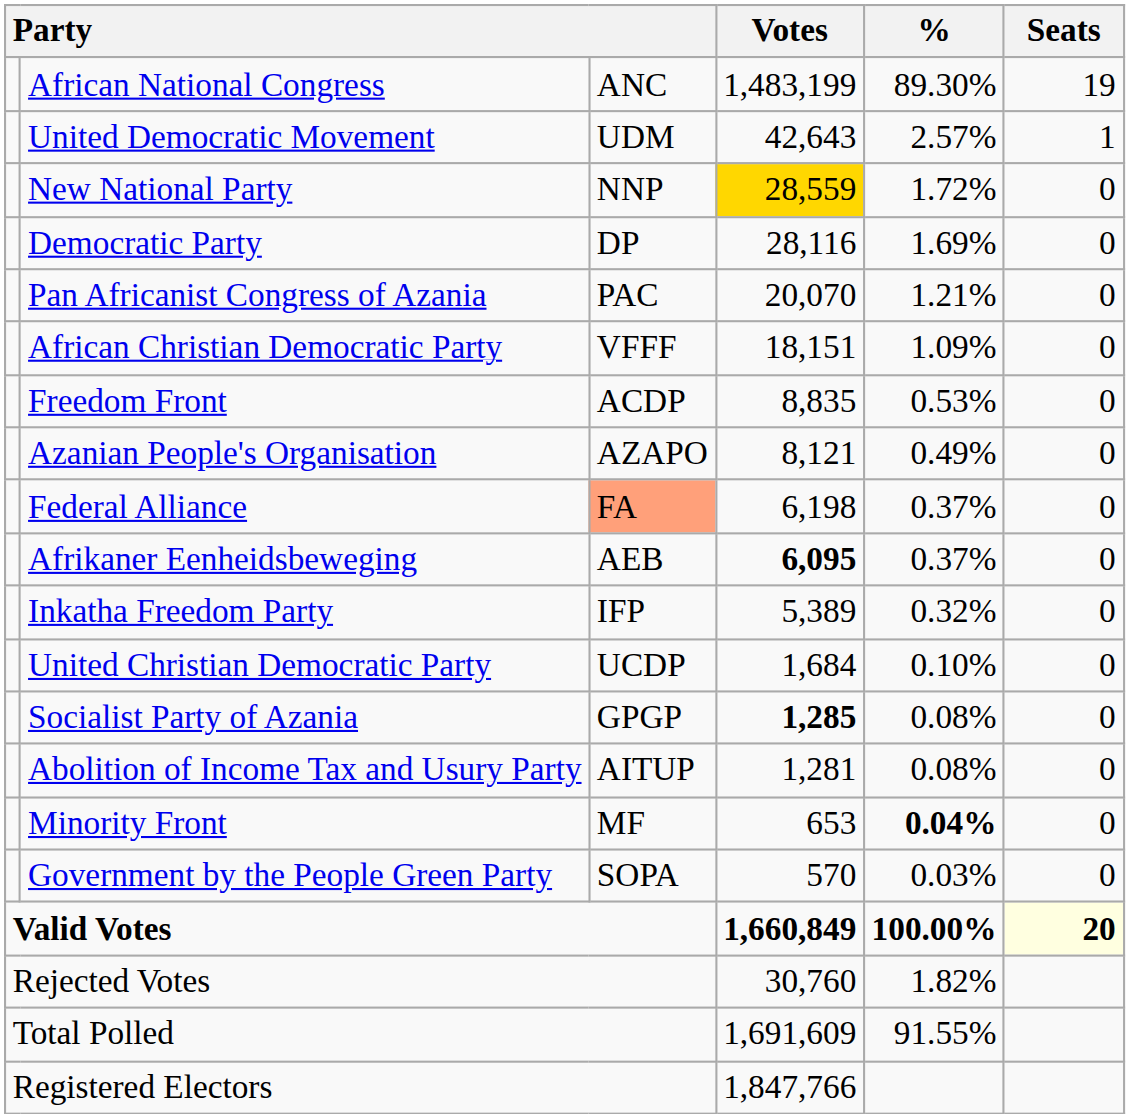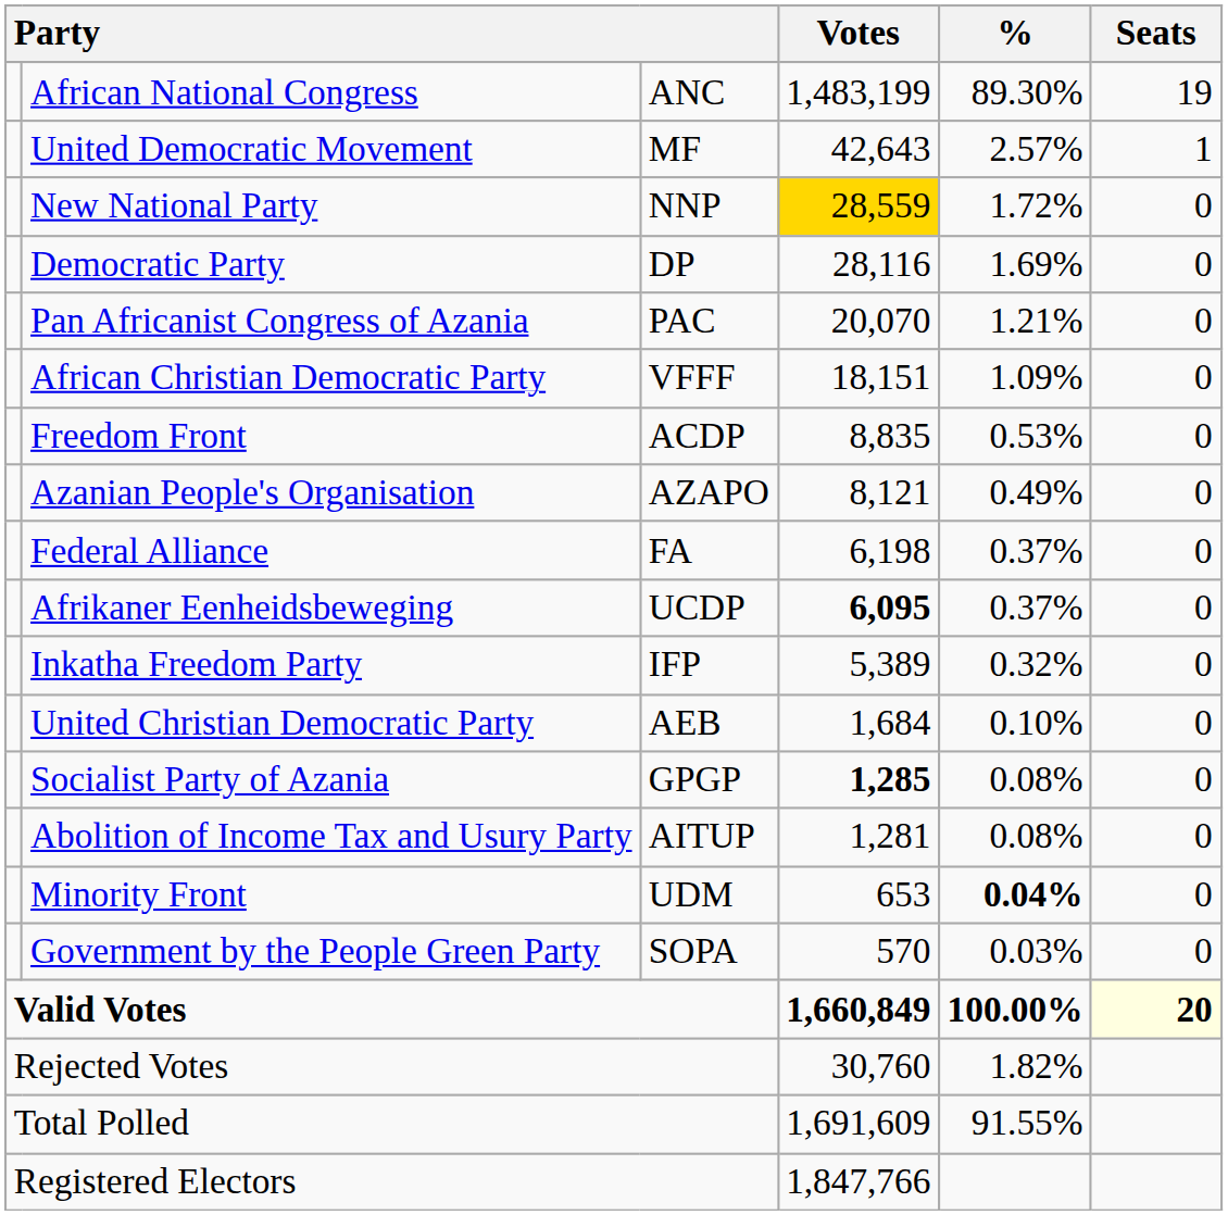 <table class="wikitable" border="1" style="text-align:right;">
 <tr>
 <th style="text-align:left;" colspan=3>Party</th>
 <th align=center width="50">Votes</th>
 <th align=center width="50">%</th>
 <th align=center width="50">Seats</th>
 </tr>
 <tr>
 <td style="background:"></td>
 <td align=left><a href='#'>African National Congress</a></td>
 <td align=left>ANC</td>
 <td>1,483,199</td>
 <td>89.30%</td>
 <td>19</td>
 </tr>
 <tr>
 <td style="background:"></td>
 <td align=left><a href='#'>United Democratic Movement</a></td>
-<td align=left>UDM</td>
+<td align=left>MF</td>
 <td>42,643</td>
 <td>2.57%</td>
 <td>1</td>
 </tr>
 <tr>
 <td style="background:"></td>
 <td align=left><a href='#'>New National Party</a></td>
 <td align=left>NNP</td>
 <td style="background: gold;">28,559</td>
 <td>1.72%</td>
 <td>0</td>
 </tr>
 <tr>
 <td style="background:"></td>
 <td align=left><a href='#'>Democratic Party</a></td>
 <td align=left>DP</td>
 <td>28,116</td>
 <td>1.69%</td>
 <td>0</td>
 </tr>
 <tr>
 <td style="background:"></td>
 <td align=left><a href='#'>Pan Africanist Congress of Azania</a></td>
 <td align=left>PAC</td>
 <td>20,070</td>
 <td>1.21%</td>
 <td>0</td>
 </tr>
 <tr>
 <td style="background:"></td>
 <td align=left><a href='#'>African Christian Democratic Party</a></td>
 <td align=left>VFFF</td>
 <td>18,151</td>
 <td>1.09%</td>
 <td>0</td>
 </tr>
 <tr>
 <td style="background:"></td>
 <td align=left><a href='#'>Freedom Front</a></td>
 <td align=left>ACDP</td>
 <td>8,835</td>
 <td>0.53%</td>
 <td>0</td>
 </tr>
 <tr>
 <td style="background:"></td>
 <td align=left><a href='#'>Azanian People's Organisation</a></td>
 <td align=left>AZAPO</td>
 <td>8,121</td>
 <td>0.49%</td>
 <td>0</td>
 </tr>
 <tr>
 <td></td>
 <td align=left><a href='#'>Federal Alliance</a></td>
-<td align=left style="background: lightsalmon;">FA</td>
+<td align=left>FA</td>
 <td>6,198</td>
 <td>0.37%</td>
 <td>0</td>
 </tr>
 <tr>
 <td></td>
 <td align=left><a href='#'>Afrikaner Eenheidsbeweging</a></td>
-<td align=left>AEB</td>
+<td align=left>UCDP</td>
 <td><strong>6,095</strong></td>
 <td>0.37%</td>
 <td>0</td>
 </tr>
 <tr>
 <td style="background:"></td>
 <td align=left><a href='#'>Inkatha Freedom Party</a></td>
 <td align=left>IFP</td>
 <td>5,389</td>
 <td>0.32%</td>
 <td>0</td>
 </tr>
 <tr>
 <td style="background:"></td>
 <td align=left><a href='#'>United Christian Democratic Party</a></td>
-<td align=left>UCDP</td>
+<td align=left>AEB</td>
 <td>1,684</td>
 <td>0.10%</td>
 <td>0</td>
 </tr>
 <tr>
 <td style="background:"></td>
 <td align=left><a href='#'>Socialist Party of Azania</a></td>
 <td align=left>GPGP</td>
 <td><strong>1,285</strong></td>
 <td>0.08%</td>
 <td>0</td>
 </tr>
 <tr>
 <td style="background:"></td>
 <td align=left><a href='#'>Abolition of Income Tax and Usury Party</a></td>
 <td align=left>AITUP</td>
 <td>1,281</td>
 <td>0.08%</td>
 <td>0</td>
 </tr>
 <tr>
 <td style="background:"></td>
 <td align=left><a href='#'>Minority Front</a></td>
-<td align=left>MF</td>
+<td align=left>UDM</td>
 <td>653</td>
 <td><strong>0.04%</strong></td>
 <td>0</td>
 </tr>
 <tr>
 <td style="background:"></td>
 <td align=left><a href='#'>Government by the People Green Party</a></td>
 <td align=left>SOPA</td>
 <td>570</td>
 <td>0.03%</td>
 <td>0</td>
 </tr>
 <tr style="font-weight:bold">
 <td align=left colspan=3>Valid Votes</td>
 <td>1,660,849</td>
 <td>100.00%</td>
 <td style="background: lightyellow;">20</td>
 </tr>
 <tr>
 <td align=left colspan=3>Rejected Votes</td>
 <td>30,760</td>
 <td>1.82%</td>
 <td></td>
 </tr>
 <tr>
 <td align=left colspan=3>Total Polled</td>
 <td>1,691,609</td>
 <td>91.55%</td>
 <td></td>
 </tr>
 <tr>
 <td align=left colspan=3>Registered Electors</td>
 <td>1,847,766</td>
 <td></td>
 <td></td>
 </tr>
 </table>
